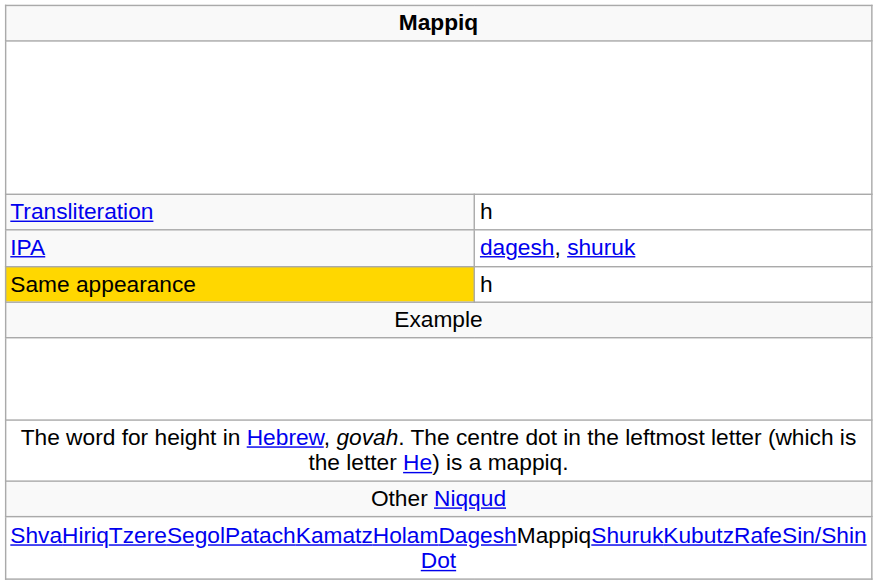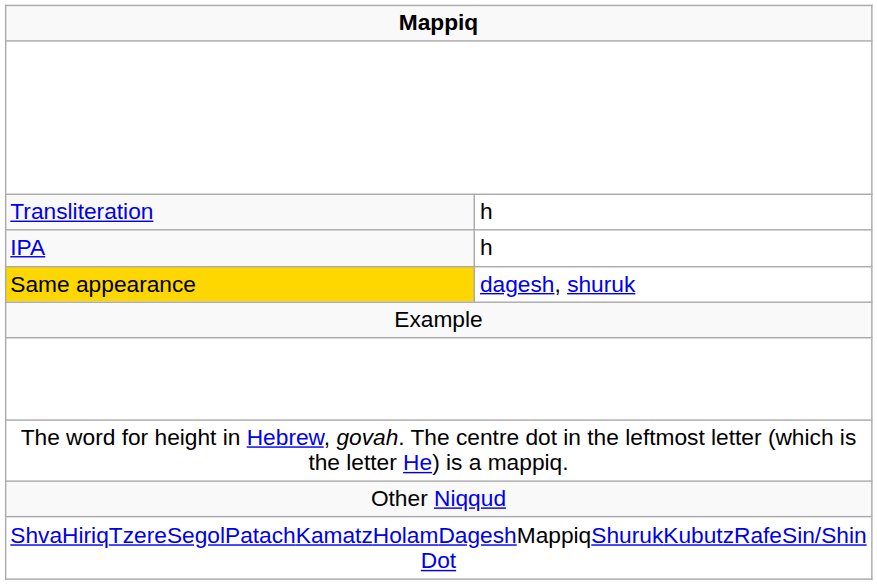 <table align="right" class="wikitable">
 <tr>
 <td colspan="2" style="text-align:center;"><strong>Mappiq</strong></td>
 </tr>
 <tr>
 <td colspan="2" align="center" style="background:white;height:100px"></td>
 </tr>
 <tr>
 <td><a href='#'>Transliteration</a></td>
 <td style="background:white">h</td>
 </tr>
 <tr>
 <td><a href='#'>IPA</a></td>
-<td style="background:white"><a href='#'>dagesh</a>, <a href='#'>shuruk</a></td>
+<td style="background:white">h</td>
 </tr>
 <tr>
 <td style="background: gold;">Same appearance</td>
-<td style="background:white">h</td>
+<td style="background:white"><a href='#'>dagesh</a>, <a href='#'>shuruk</a></td>
 </tr>
 <tr>
 <td colspan="2" style="text-align:center;">Example</td>
 </tr>
 <tr>
 <td colspan="2" align="center" style="background:white;height:50px"></td>
 </tr>
 <tr>
 <td colspan="2" style="width:250px;background:white; text-align:center;">The word for height in <a href='#'>Hebrew</a>, <em>govah</em>. The centre dot in the leftmost letter (which is the letter <a href='#'>He</a>) is a mappiq.</td>
 </tr>
 <tr>
 <td colspan="2" style="text-align:center;">Other <a href='#'>Niqqud</a></td>
 </tr>
 <tr>
 <td colspan="2" style="width:250px;background:white; text-align:center;"><a href='#'>Shva</a><a href='#'>Hiriq</a><a href='#'>Tzere</a><a href='#'>Segol</a><a href='#'>Patach</a><a href='#'>Kamatz</a><a href='#'>Holam</a><a href='#'>Dagesh</a>Mappiq<a href='#'>Shuruk</a><a href='#'>Kubutz</a><a href='#'>Rafe</a><a href='#'>Sin/Shin Dot</a></td>
 </tr>
 </table>
